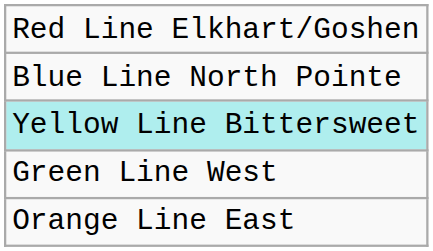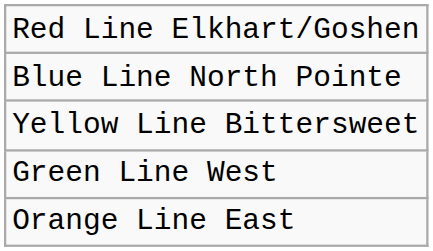 <table class="wikitable">
 <tr>
 <td> Red Line Elkhart/Goshen</td>
 </tr>
 <tr>
 <td> Blue Line North Pointe</td>
 </tr>
 <tr>
-<td style="background: paleturquoise;"> Yellow Line Bittersweet</td>
+<td> Yellow Line Bittersweet</td>
 </tr>
 <tr>
 <td> Green Line West</td>
 </tr>
 <tr>
 <td> Orange Line East</td>
 </tr>
 </table>
